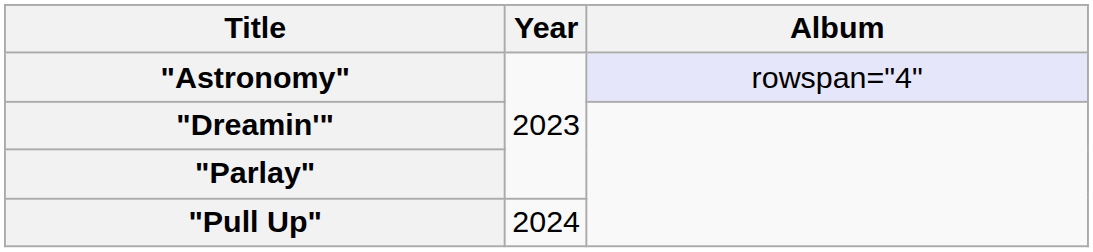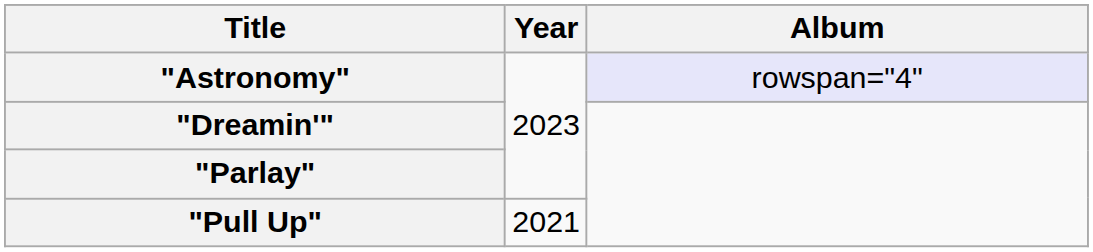 <table class="wikitable plainrowheaders" style="text-align:center;">
 <tr>
 <th scope="col" style="width:16em;">Title</th>
 <th scope="col" style="width:1em;">Year</th>
 <th scope="col" style="width:16em;">Album</th>
 </tr>
 <tr>
 <th scope="row">"Astronomy"<br></th>
 <td rowspan="3">2023</td>
 <td style="background: lavender;">rowspan="4" </td>
 </tr>
 <tr>
 <th scope="row">"Dreamin'"<br></th>
 </tr>
 <tr>
 <th scope="row">"Parlay"<br></th>
 </tr>
 <tr>
 <th scope="row">"Pull Up"<br></th>
-<td>2024</td>
+<td>2021</td>
 </tr>
 </table>
